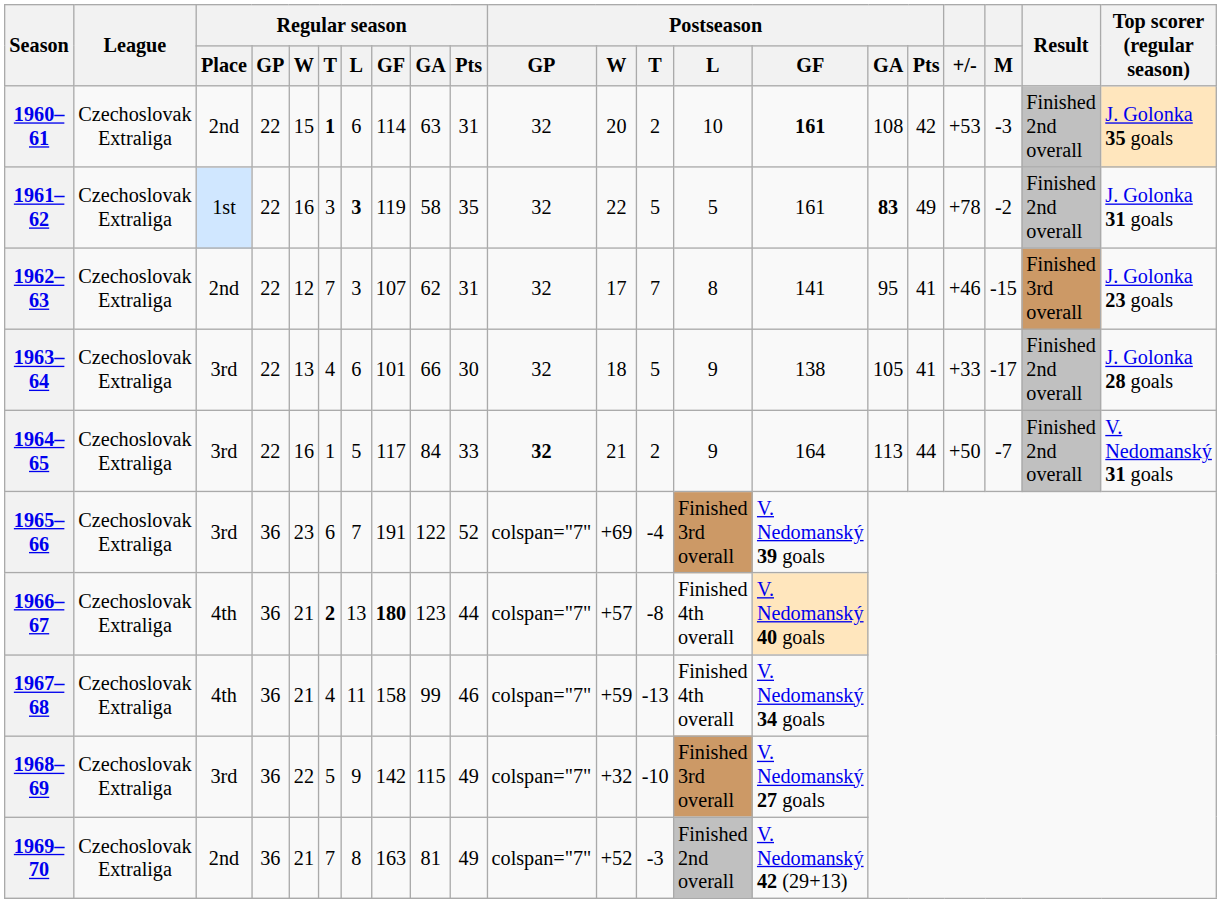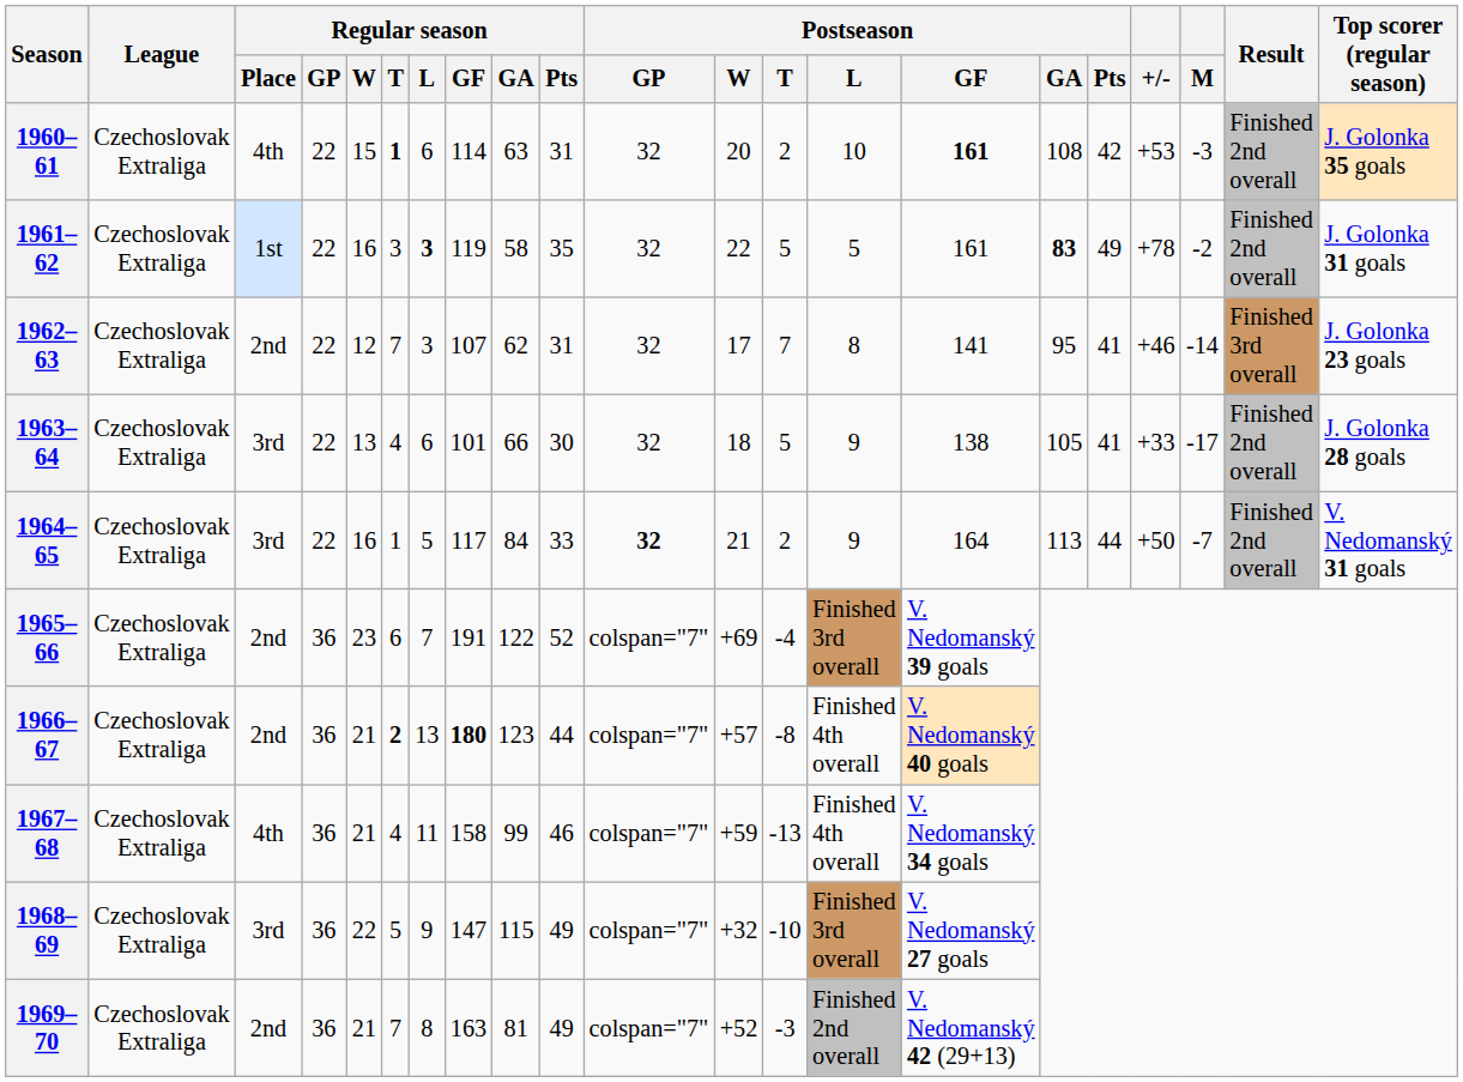 <table class="wikitable collapsible" style="text-align: center; font-size: 95%">
 <tr>
 <th rowspan="2">Season</th>
 <th rowspan="2">League</th>
 <th colspan="8">Regular season</th>
 <th colspan="7">Postseason</th>
 <th></th>
 <th></th>
 <th rowspan="2">Result</th>
 <th rowspan="2">Top scorer (regular season)</th>
 </tr>
 <tr>
 <th>Place</th>
 <th>GP</th>
 <th>W</th>
 <th>T</th>
 <th>L</th>
 <th>GF</th>
 <th>GA</th>
 <th>Pts</th>
 <th>GP</th>
 <th>W</th>
 <th>T</th>
 <th>L</th>
 <th>GF</th>
 <th>GA</th>
 <th>Pts</th>
 <th>+/-</th>
 <th>M</th>
 </tr>
 <tr>
 <th><a href='#'>1960–61</a></th>
 <td>Czechoslovak Extraliga</td>
-<td>2nd</td>
+<td>4th</td>
 <td>22</td>
 <td>15</td>
 <td><strong>1</strong></td>
 <td>6</td>
 <td>114</td>
 <td>63</td>
 <td>31</td>
 <td>32</td>
 <td>20</td>
 <td>2</td>
 <td>10</td>
 <td><strong>161</strong></td>
 <td>108</td>
 <td>42</td>
 <td>+53</td>
 <td>-3</td>
 <td align="left" bgcolor="silver">Finished 2nd overall</td>
 <td align=left bgcolor="FFE6BD">  <a href='#'>J. Golonka</a> <strong>35</strong> goals</td>
 </tr>
 <tr>
 <th><a href='#'>1961–62</a></th>
 <td>Czechoslovak Extraliga</td>
 <td bgcolor="D0E7FF">1st</td>
 <td>22</td>
 <td>16</td>
 <td>3</td>
 <td><strong>3</strong></td>
 <td>119</td>
 <td>58</td>
 <td>35</td>
 <td>32</td>
 <td>22</td>
 <td>5</td>
 <td>5</td>
 <td>161</td>
 <td><strong>83</strong></td>
 <td>49</td>
 <td>+78</td>
 <td>-2</td>
 <td align="left" bgcolor="silver">Finished 2nd overall</td>
 <td align=left>  <a href='#'>J. Golonka</a> <strong>31</strong> goals</td>
 </tr>
 <tr>
 <th><a href='#'>1962–63</a></th>
 <td>Czechoslovak Extraliga</td>
 <td>2nd</td>
 <td>22</td>
 <td>12</td>
 <td>7</td>
 <td>3</td>
 <td>107</td>
 <td>62</td>
 <td>31</td>
 <td>32</td>
 <td>17</td>
 <td>7</td>
 <td>8</td>
 <td>141</td>
 <td>95</td>
 <td>41</td>
 <td>+46</td>
-<td>-15</td>
+<td>-14</td>
 <td align="left" bgcolor="cc9966">Finished 3rd overall</td>
 <td align=left>  <a href='#'>J. Golonka</a> <strong>23</strong> goals</td>
 </tr>
 <tr>
 <th><a href='#'>1963–64</a></th>
 <td>Czechoslovak Extraliga</td>
 <td>3rd</td>
 <td>22</td>
 <td>13</td>
 <td>4</td>
 <td>6</td>
 <td>101</td>
 <td>66</td>
 <td>30</td>
 <td>32</td>
 <td>18</td>
 <td>5</td>
 <td>9</td>
 <td>138</td>
 <td>105</td>
 <td>41</td>
 <td>+33</td>
 <td>-17</td>
 <td align="left" bgcolor="silver">Finished 2nd overall</td>
 <td align=left>  <a href='#'>J. Golonka</a> <strong>28</strong> goals</td>
 </tr>
 <tr>
 <th><a href='#'>1964–65</a></th>
 <td>Czechoslovak Extraliga</td>
 <td>3rd</td>
 <td>22</td>
 <td>16</td>
 <td>1</td>
 <td>5</td>
 <td>117</td>
 <td>84</td>
 <td>33</td>
 <td><strong>32</strong></td>
 <td>21</td>
 <td>2</td>
 <td>9</td>
 <td>164</td>
 <td>113</td>
 <td>44</td>
 <td>+50</td>
 <td>-7</td>
 <td align="left" bgcolor="silver">Finished 2nd overall</td>
 <td align=left>  <a href='#'>V. Nedomanský</a> <strong>31</strong> goals</td>
 </tr>
 <tr>
 <th><a href='#'>1965–66</a></th>
 <td>Czechoslovak Extraliga</td>
-<td>3rd</td>
+<td>2nd</td>
 <td>36</td>
 <td>23</td>
 <td>6</td>
 <td>7</td>
 <td>191</td>
 <td>122</td>
 <td>52</td>
 <td>colspan="7" </td>
 <td>+69</td>
 <td>-4</td>
 <td align="left" bgcolor="cc9966">Finished 3rd overall</td>
 <td align=left>  <a href='#'>V. Nedomanský</a> <strong>39</strong> goals</td>
 </tr>
 <tr>
 <th><a href='#'>1966–67</a></th>
 <td>Czechoslovak Extraliga</td>
-<td>4th</td>
+<td>2nd</td>
 <td>36</td>
 <td>21</td>
 <td><strong>2</strong></td>
 <td>13</td>
 <td><strong>180</strong></td>
 <td>123</td>
 <td>44</td>
 <td>colspan="7" </td>
 <td>+57</td>
 <td>-8</td>
 <td align="left">Finished 4th overall</td>
 <td align=left bgcolor="FFE6BD">  <a href='#'>V. Nedomanský</a> <strong>40</strong> goals</td>
 </tr>
 <tr>
 <th><a href='#'>1967–68</a></th>
 <td>Czechoslovak Extraliga</td>
 <td>4th</td>
 <td>36</td>
 <td>21</td>
 <td>4</td>
 <td>11</td>
 <td>158</td>
 <td>99</td>
 <td>46</td>
 <td>colspan="7" </td>
 <td>+59</td>
 <td>-13</td>
 <td align="left">Finished 4th overall</td>
 <td align=left>  <a href='#'>V. Nedomanský</a> <strong>34</strong> goals</td>
 </tr>
 <tr>
 <th><a href='#'>1968–69</a></th>
 <td>Czechoslovak Extraliga</td>
 <td>3rd</td>
 <td>36</td>
 <td>22</td>
 <td>5</td>
 <td>9</td>
-<td>142</td>
+<td>147</td>
 <td>115</td>
 <td>49</td>
 <td>colspan="7" </td>
 <td>+32</td>
 <td>-10</td>
 <td align="left" bgcolor="cc9966">Finished 3rd overall</td>
 <td align=left>  <a href='#'>V. Nedomanský</a> <strong>27</strong> goals</td>
 </tr>
 <tr>
 <th><a href='#'>1969–70</a></th>
 <td>Czechoslovak Extraliga</td>
 <td>2nd</td>
 <td>36</td>
 <td>21</td>
 <td>7</td>
 <td>8</td>
 <td>163</td>
 <td>81</td>
 <td>49</td>
 <td>colspan="7" </td>
 <td>+52</td>
 <td>-3</td>
 <td align="left" bgcolor="silver">Finished 2nd overall</td>
 <td align=left>  <a href='#'>V. Nedomanský</a> <strong>42</strong> (29+13)</td>
 </tr>
 <tr>
 </tr>
 </table>
